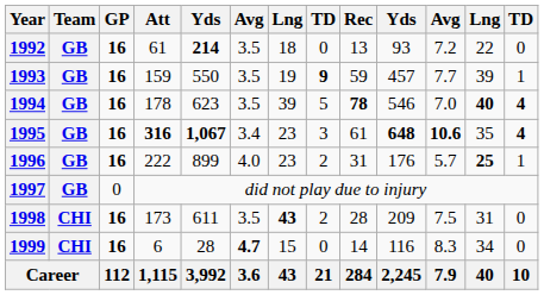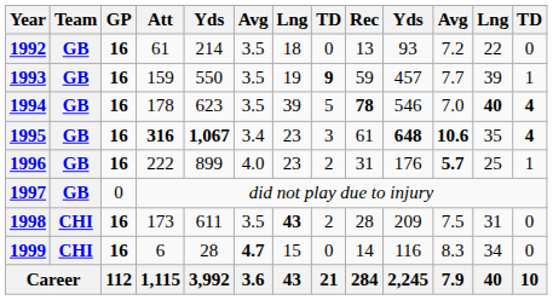 <table class="wikitable" style="text-align: center;">
 <tr>
 <th>Year</th>
 <th>Team</th>
 <th>GP</th>
 <th>Att</th>
 <th>Yds</th>
 <th>Avg</th>
 <th>Lng</th>
 <th>TD</th>
 <th>Rec</th>
 <th>Yds</th>
 <th>Avg</th>
 <th>Lng</th>
 <th>TD</th>
 </tr>
 <tr>
 <th><a href='#'>1992</a></th>
 <th><a href='#'>GB</a></th>
 <td><strong>16</strong></td>
 <td>61</td>
-<td><strong>214</strong></td>
+<td>214</td>
 <td>3.5</td>
 <td>18</td>
 <td>0</td>
 <td>13</td>
 <td>93</td>
 <td>7.2</td>
 <td>22</td>
 <td>0</td>
 </tr>
 <tr>
 <th><a href='#'>1993</a></th>
 <th><a href='#'>GB</a></th>
 <td><strong>16</strong></td>
 <td>159</td>
 <td>550</td>
 <td>3.5</td>
 <td>19</td>
 <td><strong>9</strong></td>
 <td>59</td>
 <td>457</td>
 <td>7.7</td>
 <td>39</td>
 <td>1</td>
 </tr>
 <tr>
 <th><a href='#'>1994</a></th>
 <th><a href='#'>GB</a></th>
 <td><strong>16</strong></td>
 <td>178</td>
 <td>623</td>
 <td>3.5</td>
 <td>39</td>
 <td>5</td>
 <td><strong>78</strong></td>
 <td>546</td>
 <td>7.0</td>
 <td><strong>40</strong></td>
 <td><strong>4</strong></td>
 </tr>
 <tr>
 <th><a href='#'>1995</a></th>
 <th><a href='#'>GB</a></th>
 <td><strong>16</strong></td>
 <td><strong>316</strong></td>
 <td><strong>1,067</strong></td>
 <td>3.4</td>
 <td>23</td>
 <td>3</td>
 <td>61</td>
 <td><strong>648</strong></td>
 <td><strong>10.6</strong></td>
 <td>35</td>
 <td><strong>4</strong></td>
 </tr>
 <tr>
 <th><a href='#'>1996</a></th>
 <th><a href='#'>GB</a></th>
 <td><strong>16</strong></td>
 <td>222</td>
 <td>899</td>
 <td>4.0</td>
 <td>23</td>
 <td>2</td>
 <td>31</td>
 <td>176</td>
-<td>5.7</td>
-<td><strong>25</strong></td>
+<td><strong>5.7</strong></td>
+<td>25</td>
 <td>1</td>
 </tr>
 <tr>
 <th><a href='#'>1997</a></th>
 <th><a href='#'>GB</a></th>
 <td>0</td>
 <td colspan="10"><em>did not play due to injury</em></td>
 </tr>
 <tr>
 <th><a href='#'>1998</a></th>
 <th><a href='#'>CHI</a></th>
 <td><strong>16</strong></td>
 <td>173</td>
 <td>611</td>
 <td>3.5</td>
 <td><strong>43</strong></td>
 <td>2</td>
 <td>28</td>
 <td>209</td>
 <td>7.5</td>
 <td>31</td>
 <td>0</td>
 </tr>
 <tr>
 <th><a href='#'>1999</a></th>
 <th><a href='#'>CHI</a></th>
 <td><strong>16</strong></td>
 <td>6</td>
 <td>28</td>
 <td><strong>4.7</strong></td>
 <td>15</td>
 <td>0</td>
 <td>14</td>
 <td>116</td>
 <td>8.3</td>
 <td>34</td>
 <td>0</td>
 </tr>
 <tr>
 <th colspan="2">Career</th>
 <th>112</th>
 <th>1,115</th>
 <th>3,992</th>
 <th>3.6</th>
 <th>43</th>
 <th>21</th>
 <th>284</th>
 <th>2,245</th>
 <th>7.9</th>
 <th>40</th>
 <th>10</th>
 </tr>
 </table>
